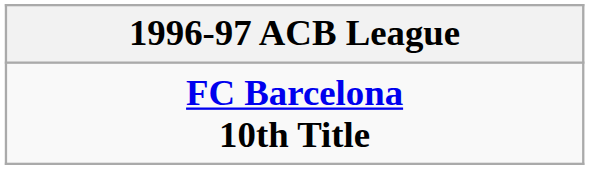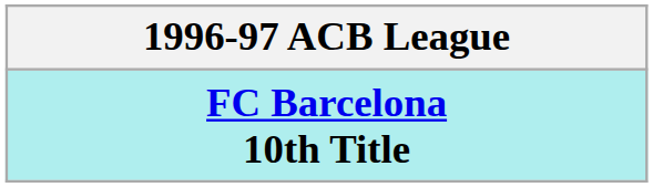 <table class="wikitable" style="margin: 0 auto; width: 20%;">
 <tr>
 <th>1996-97 ACB League</th>
 </tr>
 <tr>
-<td align=center><strong><a href='#'>FC Barcelona</a></strong><br><strong>10th Title</strong></td>
+<td align=center style="background: paleturquoise;"><strong><a href='#'>FC Barcelona</a></strong><br><strong>10th Title</strong></td>
 </tr>
 </table>
